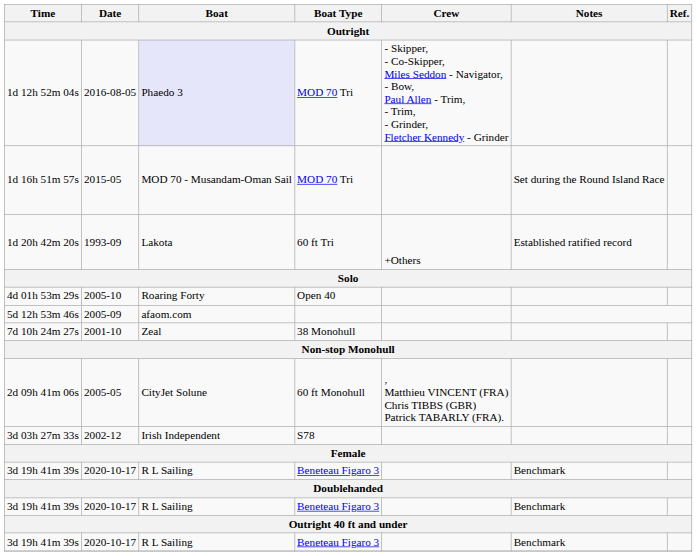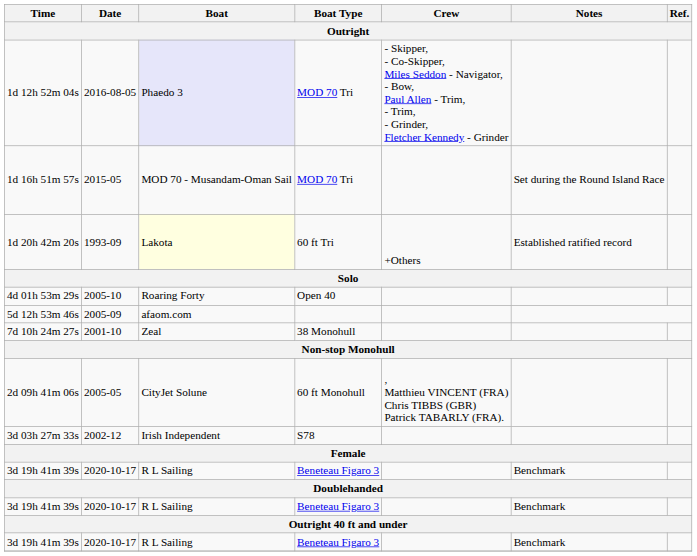 <table class="wikitable sortable">
 <tr>
 <th>Time</th>
 <th>Date</th>
 <th>Boat</th>
 <th>Boat Type</th>
 <th>Crew</th>
 <th>Notes</th>
 <th>Ref.</th>
 </tr>
 <tr>
 <th colspan=7>Outright</th>
 </tr>
 <tr>
 <td>1d 12h 52m 04s</td>
 <td>2016-08-05</td>
 <td style="background: lavender;">Phaedo 3</td>
 <td><a href='#'>MOD 70</a> Tri</td>
 <td> - Skipper,<br> - Co-Skipper,<br><a href='#'>Miles Seddon</a> - Navigator,<br> - Bow,<br><a href='#'>Paul Allen</a> - Trim,<br> - Trim,<br> - Grinder,<br><a href='#'>Fletcher Kennedy</a> - Grinder</td>
 <td></td>
 <td></td>
 </tr>
 <tr>
 <td>1d 16h 51m 57s</td>
 <td>2015-05</td>
 <td>MOD 70 - Musandam-Oman Sail</td>
 <td><a href='#'>MOD 70</a> Tri</td>
 <td><br><br><br><br><br></td>
 <td>Set during the Round Island Race</td>
 <td></td>
 </tr>
 <tr>
 <td>1d 20h 42m 20s</td>
 <td>1993-09</td>
-<td>Lakota</td>
+<td style="background: lightyellow;">Lakota</td>
 <td>60 ft Tri</td>
 <td><br><br><br>+Others</td>
 <td>Established ratified record</td>
 <td></td>
 </tr>
 <tr>
 <th colspan=8>Solo</th>
 </tr>
 <tr>
 <td>4d 01h 53m 29s</td>
 <td>2005-10</td>
 <td>Roaring Forty</td>
 <td>Open 40</td>
 <td></td>
 <td></td>
 <td></td>
 </tr>
 <tr>
 <td>5d 12h 53m 46s</td>
 <td>2005-09</td>
 <td>afaom.com</td>
 <td></td>
 <td></td>
 </tr>
 <tr>
 <td>7d 10h 24m 27s</td>
 <td>2001-10</td>
 <td>Zeal</td>
 <td>38 Monohull</td>
 <td></td>
 <td></td>
 <td></td>
 </tr>
 <tr>
 <th colspan=7>Non-stop Monohull</th>
 </tr>
 <tr>
 <td>2d 09h 41m 06s</td>
 <td>2005-05</td>
 <td>CityJet Solune</td>
 <td>60 ft Monohull</td>
 <td><br>,<br>Matthieu VINCENT (FRA)<br>Chris TIBBS (GBR)<br>Patrick TABARLY (FRA).</td>
 <td></td>
 <td></td>
 </tr>
 <tr>
 <td>3d 03h 27m 33s</td>
 <td>2002-12</td>
 <td>Irish Independent</td>
 <td>S78</td>
 <td></td>
 <td></td>
 <td></td>
 </tr>
 <tr>
 <th colspan=7>Female</th>
 </tr>
 <tr>
 <td>3d 19h 41m 39s</td>
 <td>2020-10-17</td>
 <td>R L Sailing</td>
 <td><a href='#'>Beneteau Figaro 3</a></td>
 <td><br></td>
 <td>Benchmark</td>
 <td></td>
 </tr>
 <tr>
 <th colspan=7>Doublehanded</th>
 </tr>
 <tr>
 <td>3d 19h 41m 39s</td>
 <td>2020-10-17</td>
 <td>R L Sailing</td>
 <td><a href='#'>Beneteau Figaro 3</a></td>
 <td><br></td>
 <td>Benchmark</td>
 <td></td>
 </tr>
 <tr>
 <th colspan=7>Outright 40 ft and under</th>
 </tr>
 <tr>
 <td>3d 19h 41m 39s</td>
 <td>2020-10-17</td>
 <td>R L Sailing</td>
 <td><a href='#'>Beneteau Figaro 3</a></td>
 <td><br></td>
 <td>Benchmark</td>
 <td></td>
 </tr>
 <tr>
 </tr>
 </table>
